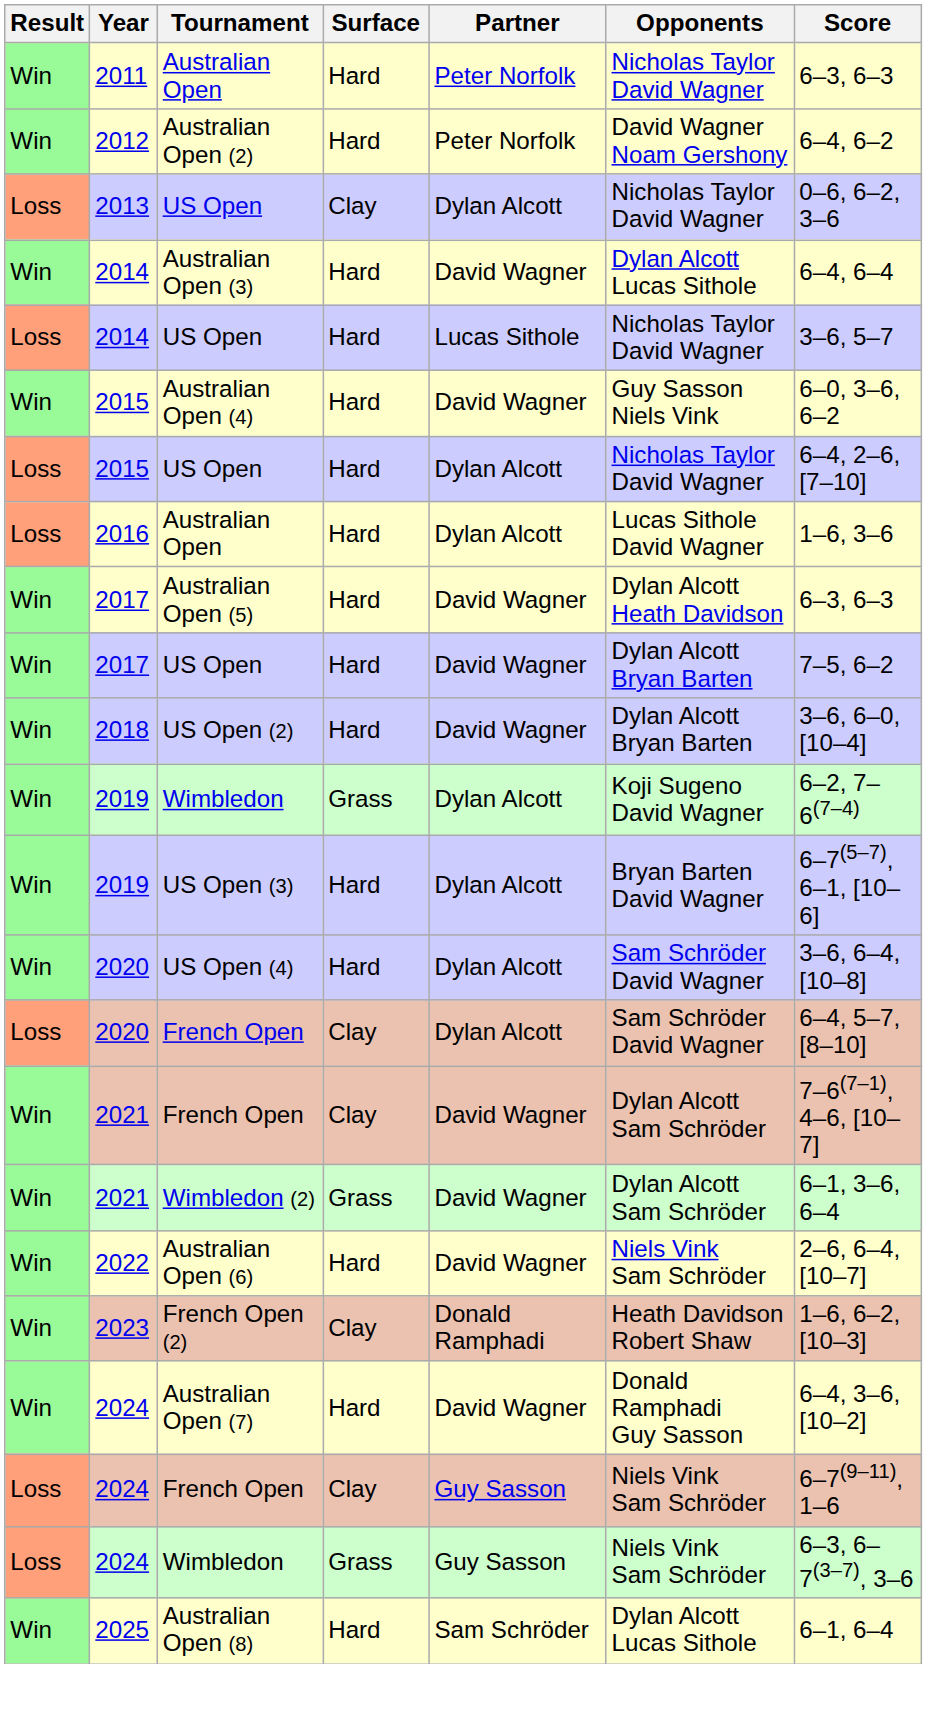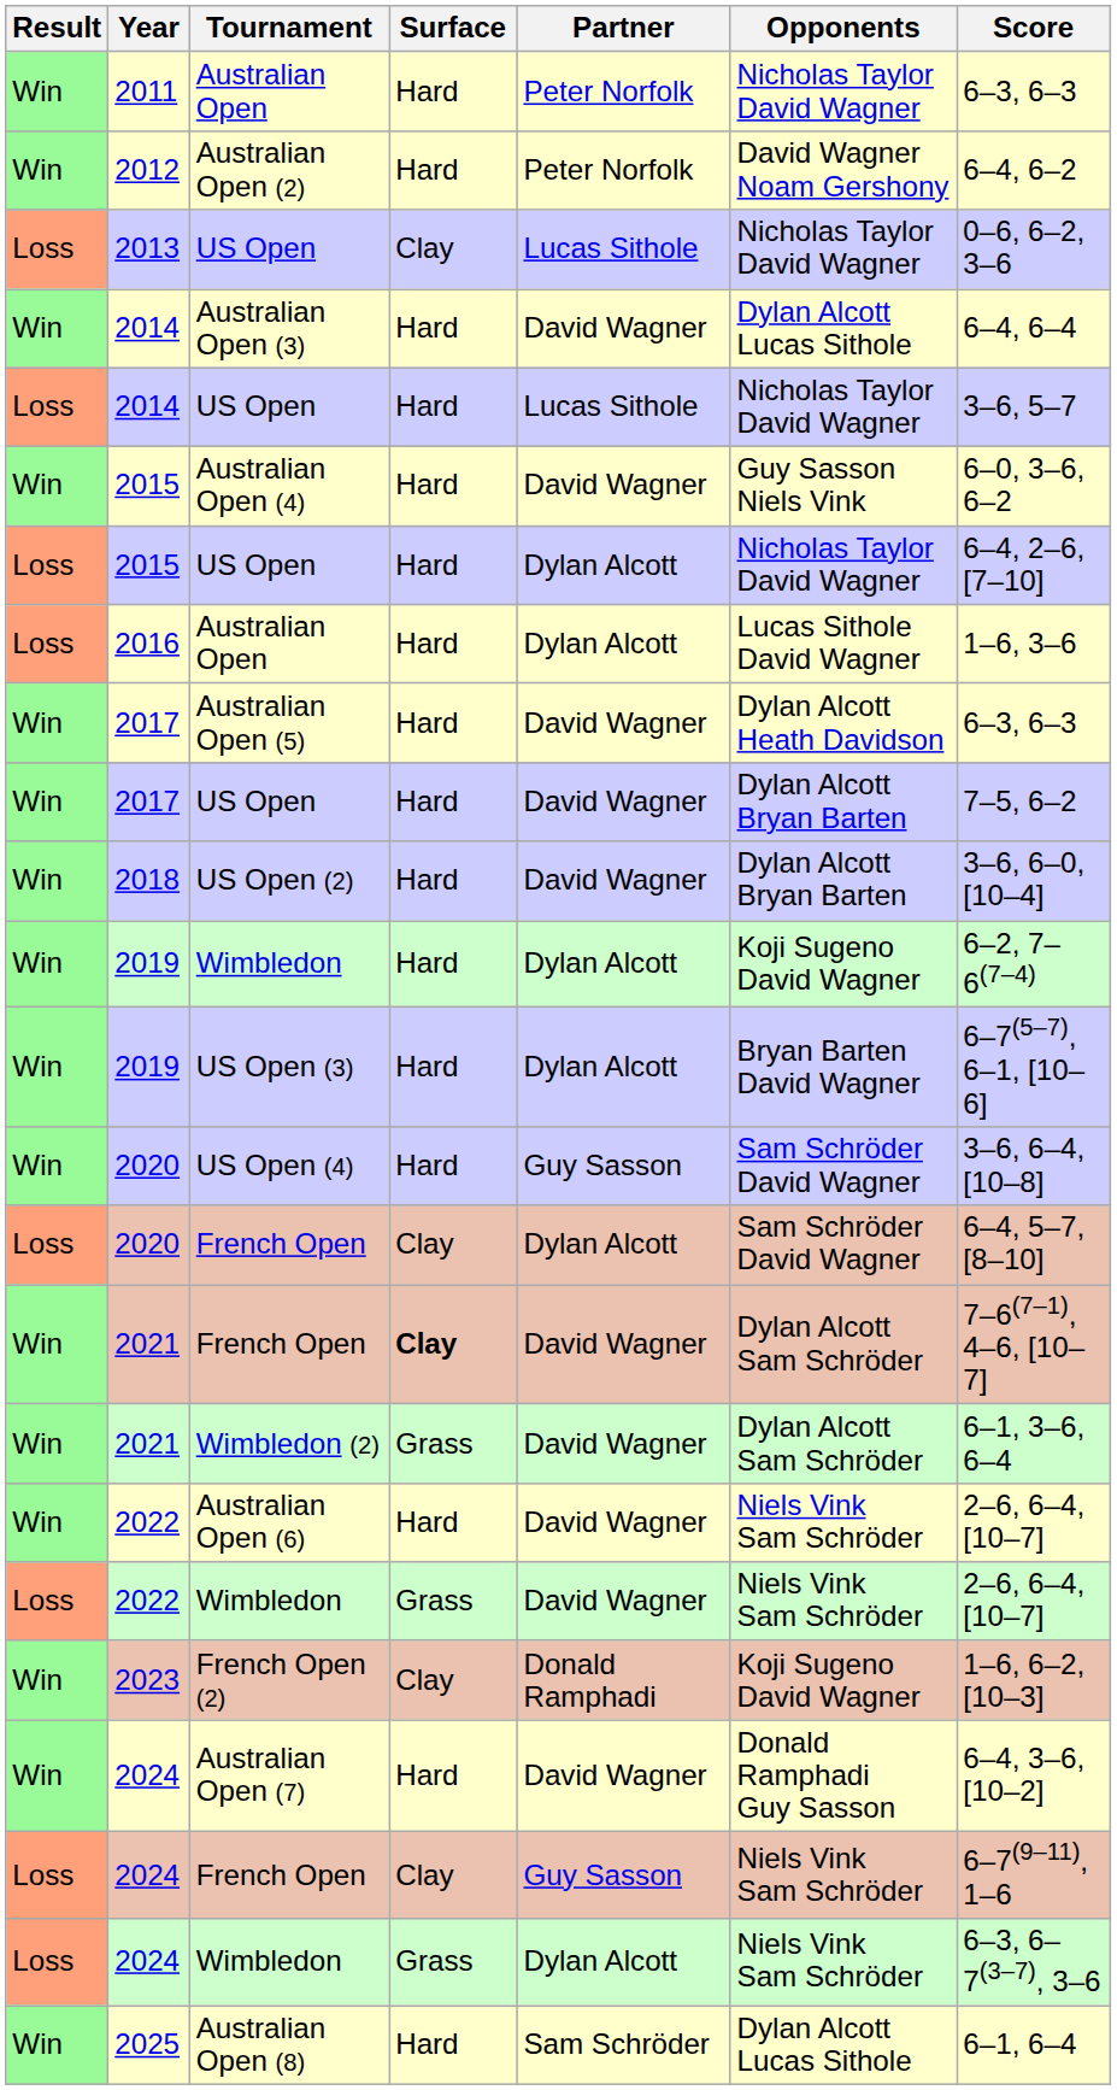 <table class="sortable wikitable">
 <tr>
 <th>Result</th>
 <th style="width:40px">Year</th>
 <th style="width:120px">Tournament</th>
 <th style="width:70px">Surface</th>
 <th style="width:170px">Partner</th>
 <th style="width:170px">Opponents</th>
 <th style="width:130px" class="unsortable">Score</th>
 </tr>
 <tr style="background:#ffc;">
 <td style="background:#98fb98;">Win</td>
 <td><a href='#'>2011</a></td>
 <td><a href='#'>Australian Open</a></td>
 <td>Hard</td>
 <td> <a href='#'>Peter Norfolk</a></td>
 <td> <a href='#'>Nicholas Taylor</a> <br>  <a href='#'>David Wagner</a></td>
 <td>6–3, 6–3</td>
 </tr>
 <tr style="background:#ffc;">
 <td style="background:#98fb98;">Win</td>
 <td><a href='#'>2012</a></td>
 <td>Australian Open <small>(2)</small></td>
 <td>Hard</td>
 <td> Peter Norfolk</td>
 <td> David Wagner <br>  <a href='#'>Noam Gershony</a></td>
 <td>6–4, 6–2</td>
 </tr>
 <tr style="background:#ccf;">
 <td style="background:#ffa07a;">Loss</td>
 <td><a href='#'>2013</a></td>
 <td><a href='#'>US Open</a></td>
 <td>Clay</td>
-<td> Dylan Alcott</td>
+<td> <a href='#'>Lucas Sithole</a></td>
 <td> Nicholas Taylor <br>  David Wagner</td>
 <td>0–6, 6–2, 3–6</td>
 </tr>
 <tr style="background:#ffc;">
 <td style="background:#98fb98;">Win</td>
 <td><a href='#'>2014</a></td>
 <td>Australian Open <small>(3)</small></td>
 <td>Hard</td>
 <td> David Wagner</td>
 <td> <a href='#'>Dylan Alcott</a> <br>  Lucas Sithole</td>
 <td>6–4, 6–4</td>
 </tr>
 <tr style="background:#ccf;">
 <td style="background:#ffa07a;">Loss</td>
 <td><a href='#'>2014</a></td>
 <td>US Open</td>
 <td>Hard</td>
 <td> Lucas Sithole</td>
 <td> Nicholas Taylor <br>  David Wagner</td>
 <td>3–6, 5–7</td>
 </tr>
 <tr style="background:#ffc;">
 <td style="background:#98fb98;">Win</td>
 <td><a href='#'>2015</a></td>
 <td>Australian Open <small>(4)</small></td>
 <td>Hard</td>
 <td> David Wagner</td>
 <td> Guy Sasson<br>  Niels Vink</td>
 <td>6–0, 3–6, 6–2</td>
 </tr>
 <tr style="background:#ccf;">
 <td style="background:#ffa07a;">Loss</td>
 <td><a href='#'>2015</a></td>
 <td>US Open</td>
 <td>Hard</td>
 <td> Dylan Alcott</td>
 <td> <a href='#'>Nicholas Taylor</a><br> David Wagner</td>
 <td>6–4, 2–6, [7–10]</td>
 </tr>
 <tr style="background:#ffc;">
 <td style="background:#ffa07a;">Loss</td>
 <td><a href='#'>2016</a></td>
 <td>Australian Open</td>
 <td>Hard</td>
 <td> Dylan Alcott</td>
 <td> Lucas Sithole<br> David Wagner</td>
 <td>1–6, 3–6</td>
 </tr>
 <tr style="background:#ffc;">
 <td style="background:#98fb98;">Win</td>
 <td><a href='#'>2017</a></td>
 <td>Australian Open <small>(5)</small></td>
 <td>Hard</td>
 <td> David Wagner</td>
 <td> Dylan Alcott<br>  <a href='#'>Heath Davidson</a></td>
 <td>6–3, 6–3</td>
 </tr>
 <tr style="background:#ccf;">
 <td style="background:#98fb98">Win</td>
 <td><a href='#'>2017</a></td>
 <td>US Open</td>
 <td>Hard</td>
 <td> David Wagner</td>
 <td> Dylan Alcott<br> <a href='#'>Bryan Barten</a></td>
 <td>7–5, 6–2</td>
 </tr>
 <tr style="background:#ccf;">
 <td style="background:#98fb98">Win</td>
 <td><a href='#'>2018</a></td>
 <td>US Open <small>(2)</small></td>
 <td>Hard</td>
 <td> David Wagner</td>
 <td> Dylan Alcott<br> Bryan Barten</td>
 <td>3–6, 6–0, [10–4]</td>
 </tr>
 <tr style="background:#cfc;">
 <td style="background:#98fb98">Win</td>
 <td><a href='#'>2019</a></td>
 <td><a href='#'>Wimbledon</a></td>
-<td>Grass</td>
+<td>Hard</td>
 <td> Dylan Alcott</td>
 <td> Koji Sugeno<br> David Wagner</td>
 <td>6–2, 7–6<sup>(7–4)</sup></td>
 </tr>
 <tr style="background:#ccf;">
 <td style="background:#98fb98">Win</td>
 <td><a href='#'>2019</a></td>
 <td>US Open <small>(3)</small></td>
 <td>Hard</td>
 <td> Dylan Alcott</td>
 <td> Bryan Barten<br> David Wagner</td>
 <td>6–7<sup>(5–7)</sup>, 6–1, [10–6]</td>
 </tr>
 <tr style="background:#ccf;">
 <td style="background:#98fb98">Win</td>
 <td><a href='#'>2020</a></td>
 <td>US Open <small>(4)</small></td>
 <td>Hard</td>
-<td> Dylan Alcott</td>
+<td> Guy Sasson</td>
 <td> <a href='#'>Sam Schröder</a><br> David Wagner</td>
 <td>3–6, 6–4, [10–8]</td>
 </tr>
 <tr style="background:#ebc2af;">
 <td style="background:#ffa07a;">Loss</td>
 <td><a href='#'>2020</a></td>
 <td><a href='#'>French Open</a></td>
 <td>Clay</td>
 <td> Dylan Alcott</td>
 <td> Sam Schröder<br> David Wagner</td>
 <td>6–4, 5–7, [8–10]</td>
 </tr>
 <tr style="background:#ebc2af;">
 <td style="background:#98fb98;">Win</td>
 <td><a href='#'>2021</a></td>
 <td>French Open</td>
-<td>Clay</td>
+<td><strong>Clay</strong></td>
 <td> David Wagner</td>
 <td> Dylan Alcott <br> Sam Schröder</td>
 <td>7–6<sup>(7–1)</sup>, 4–6, [10–7]</td>
 </tr>
 <tr style="background:#cfc;">
 <td style="background:#98fb98">Win</td>
 <td><a href='#'>2021</a></td>
 <td><a href='#'>Wimbledon</a> <small>(2)</small></td>
 <td>Grass</td>
 <td> David Wagner</td>
 <td> Dylan Alcott<br> Sam Schröder</td>
 <td>6–1, 3–6, 6–4</td>
 </tr>
 <tr style="background:#ffc;">
 <td style="background:#98fb98;">Win</td>
 <td><a href='#'>2022</a></td>
 <td>Australian Open <small>(6)</small></td>
 <td>Hard</td>
 <td> David Wagner</td>
 <td> <a href='#'>Niels Vink</a><br>  Sam Schröder</td>
 <td>2–6, 6–4, [10–7]</td>
 </tr>
+<tr style="background:#cfc;">
+<td style="background:#ffa07a;">Loss</td>
+<td><a href='#'>2022</a></td>
+<td>Wimbledon</td>
+<td>Grass</td>
+<td> David Wagner</td>
+<td> Niels Vink<br> Sam Schröder</td>
+<td>2–6, 6–4, [10–7]</td>
+</tr>
 <tr style="background:#ebc2af;">
 <td style="background:#98fb98;">Win</td>
 <td><a href='#'>2023</a></td>
 <td>French Open <small>(2)</small></td>
 <td>Clay</td>
 <td> Donald Ramphadi</td>
-<td> Heath Davidson<br>  Robert Shaw</td>
+<td> Koji Sugeno<br> David Wagner</td>
 <td>1–6, 6–2, [10–3]</td>
 </tr>
 <tr style="background:#ffc;">
 <td style="background:#98fb98;">Win</td>
 <td><a href='#'>2024</a></td>
 <td>Australian Open <small>(7)</small></td>
 <td>Hard</td>
 <td> David Wagner</td>
 <td> Donald Ramphadi<br>  Guy Sasson</td>
 <td>6–4, 3–6, [10–2]</td>
 </tr>
 <tr style="background:#ebc2af;">
 <td style="background:#ffa07a;">Loss</td>
 <td><a href='#'>2024</a></td>
 <td>French Open</td>
 <td>Clay</td>
 <td> <a href='#'>Guy Sasson</a></td>
 <td> Niels Vink<br> Sam Schröder</td>
 <td>6–7<sup>(9–11)</sup>, 1–6</td>
 </tr>
 <tr style="background:#cfc;">
 <td style="background:#ffa07a;">Loss</td>
 <td><a href='#'>2024</a></td>
 <td>Wimbledon</td>
 <td>Grass</td>
-<td> Guy Sasson</td>
+<td> Dylan Alcott</td>
 <td> Niels Vink<br> Sam Schröder</td>
 <td>6–3, 6–7<sup>(3–7)</sup>, 3–6</td>
 </tr>
 <tr style="background:#ffc;">
 <td style="background:#98fb98;">Win</td>
 <td><a href='#'>2025</a></td>
 <td>Australian Open <small>(8)</small></td>
 <td>Hard</td>
 <td> Sam Schröder</td>
 <td> Dylan Alcott <br>  Lucas Sithole</td>
 <td>6–1, 6–4</td>
 </tr>
 </table>
